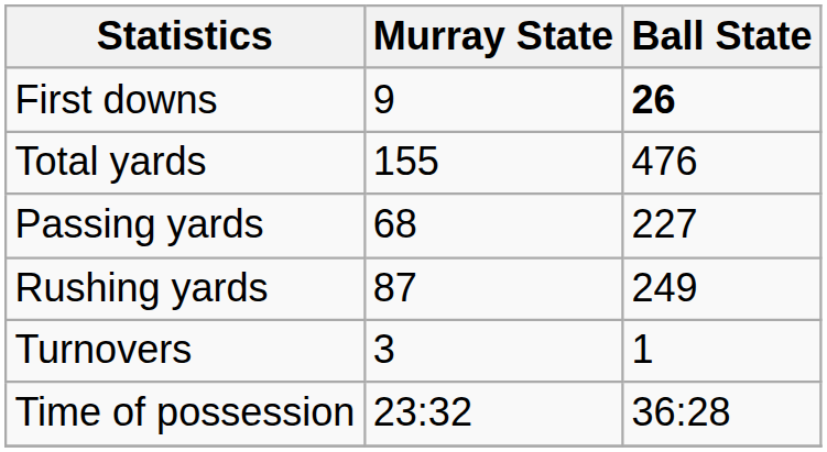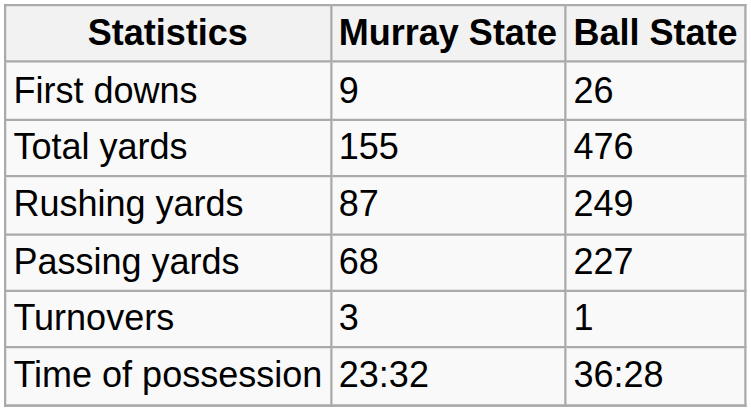 <table class="wikitable">
 <tr>
 <th>Statistics</th>
 <th>Murray State</th>
 <th>Ball State</th>
 </tr>
 <tr>
 <td>First downs</td>
 <td>9</td>
-<td><strong>26</strong></td>
+<td>26</td>
 </tr>
 <tr>
 <td>Total yards</td>
 <td>155</td>
 <td>476</td>
 </tr>
 <tr>
+<td>Rushing yards</td>
+<td>87</td>
+<td>249</td>
+</tr>
+<tr>
 <td>Passing yards</td>
 <td>68</td>
 <td>227</td>
-</tr>
-<tr>
-<td>Rushing yards</td>
-<td>87</td>
-<td>249</td>
 </tr>
 <tr>
 <td>Turnovers</td>
 <td>3</td>
 <td>1</td>
 </tr>
 <tr>
 <td>Time of possession</td>
 <td>23:32</td>
 <td>36:28</td>
 </tr>
 <tr>
 </tr>
 </table>
